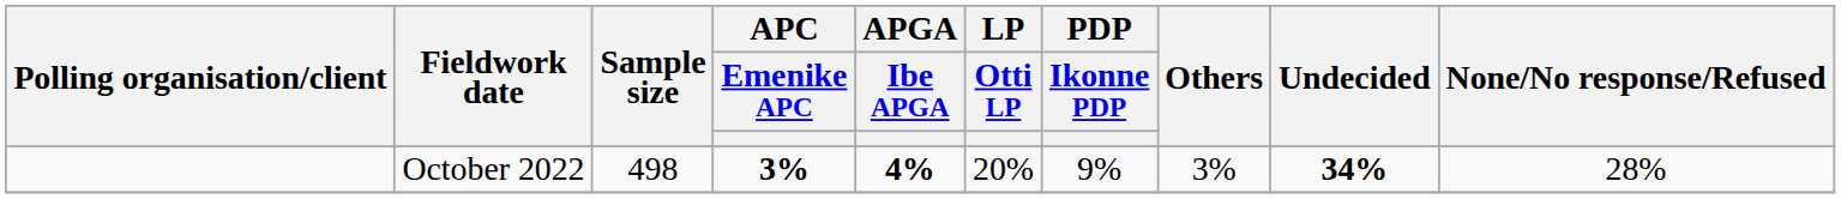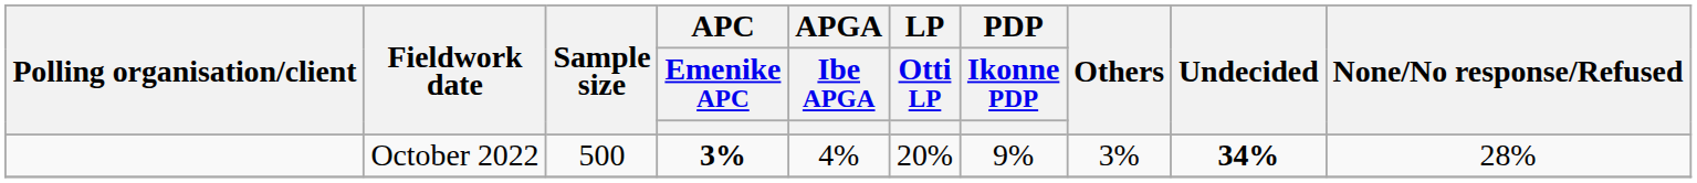 <table class="wikitable" style="text-align:center;font-size:95%;line-height:14px;">
 <tr>
 <th rowspan="3">Polling organisation/client</th>
 <th rowspan="3">Fieldwork<br>date</th>
 <th rowspan="3">Sample<br>size</th>
 <th><div><span> <strong>APC</strong></span></div></th>
 <th><div><span> <strong>APGA</strong></span></div></th>
 <th><div><span> <strong>LP</strong></span></div></th>
 <th><div><span> <strong>PDP</strong></span></div></th>
 <th rowspan="3">Others</th>
 <th rowspan="3">Undecided</th>
 <th rowspan="3">None/No response/Refused</th>
 </tr>
 <tr>
 <th><a href='#'>Emenike</a><br><small><a href='#'>APC</a></small></th>
 <th><a href='#'>Ibe</a><br><small><a href='#'>APGA</a></small></th>
 <th><a href='#'>Otti</a><br><small><a href='#'>LP</a></small></th>
 <th><a href='#'>Ikonne</a><br><small><a href='#'>PDP</a></small></th>
 </tr>
 <tr>
 <th style="background:"></th>
 <th style="background:"></th>
 <th style="background:"></th>
 <th style="background:"></th>
 </tr>
 <tr>
 <td></td>
 <td>October 2022</td>
-<td>498</td>
+<td>500</td>
 <td><strong>3%</strong></td>
-<td><strong>4%</strong></td>
+<td>4%</td>
 <td>20%</td>
 <td>9%</td>
 <td>3%</td>
 <td><strong>34%</strong></td>
 <td>28%</td>
 </tr>
 <tr>
 </tr>
 </table>
